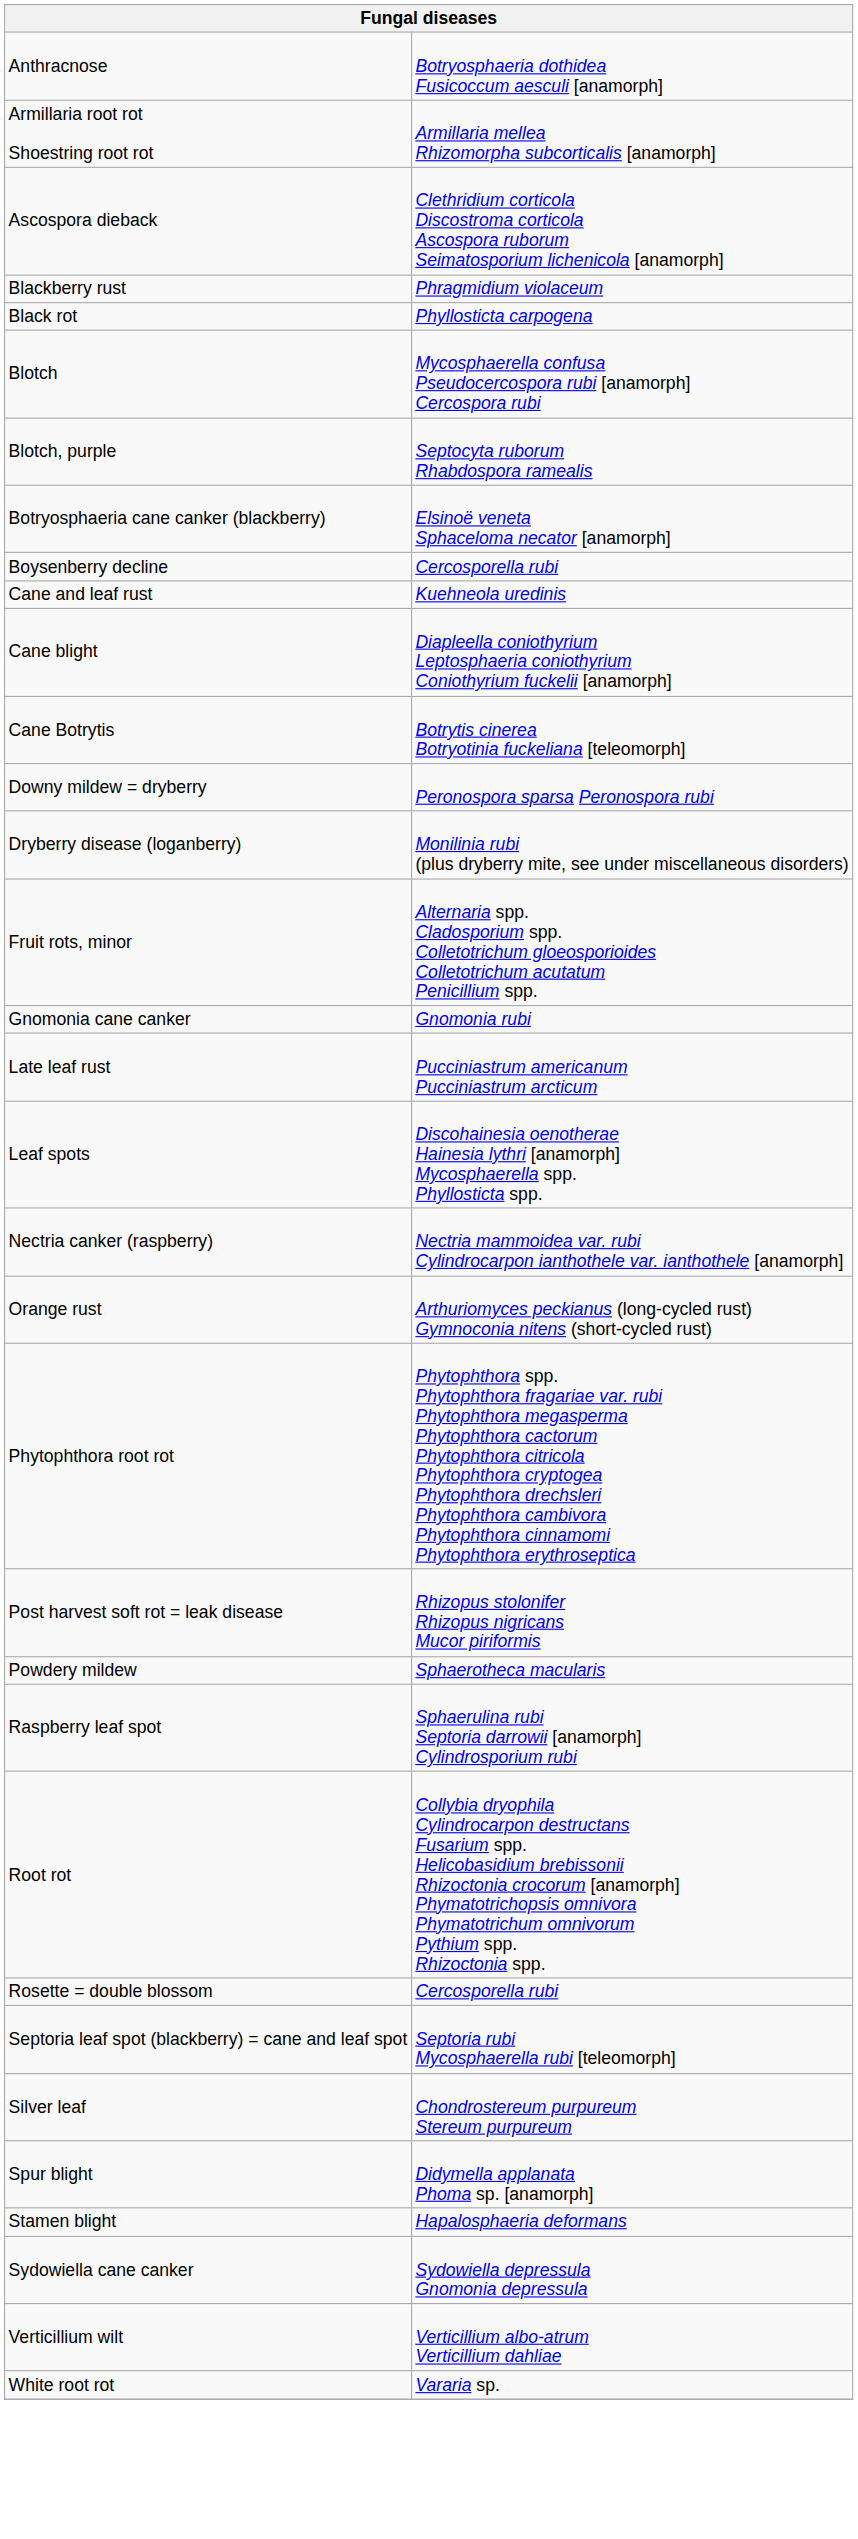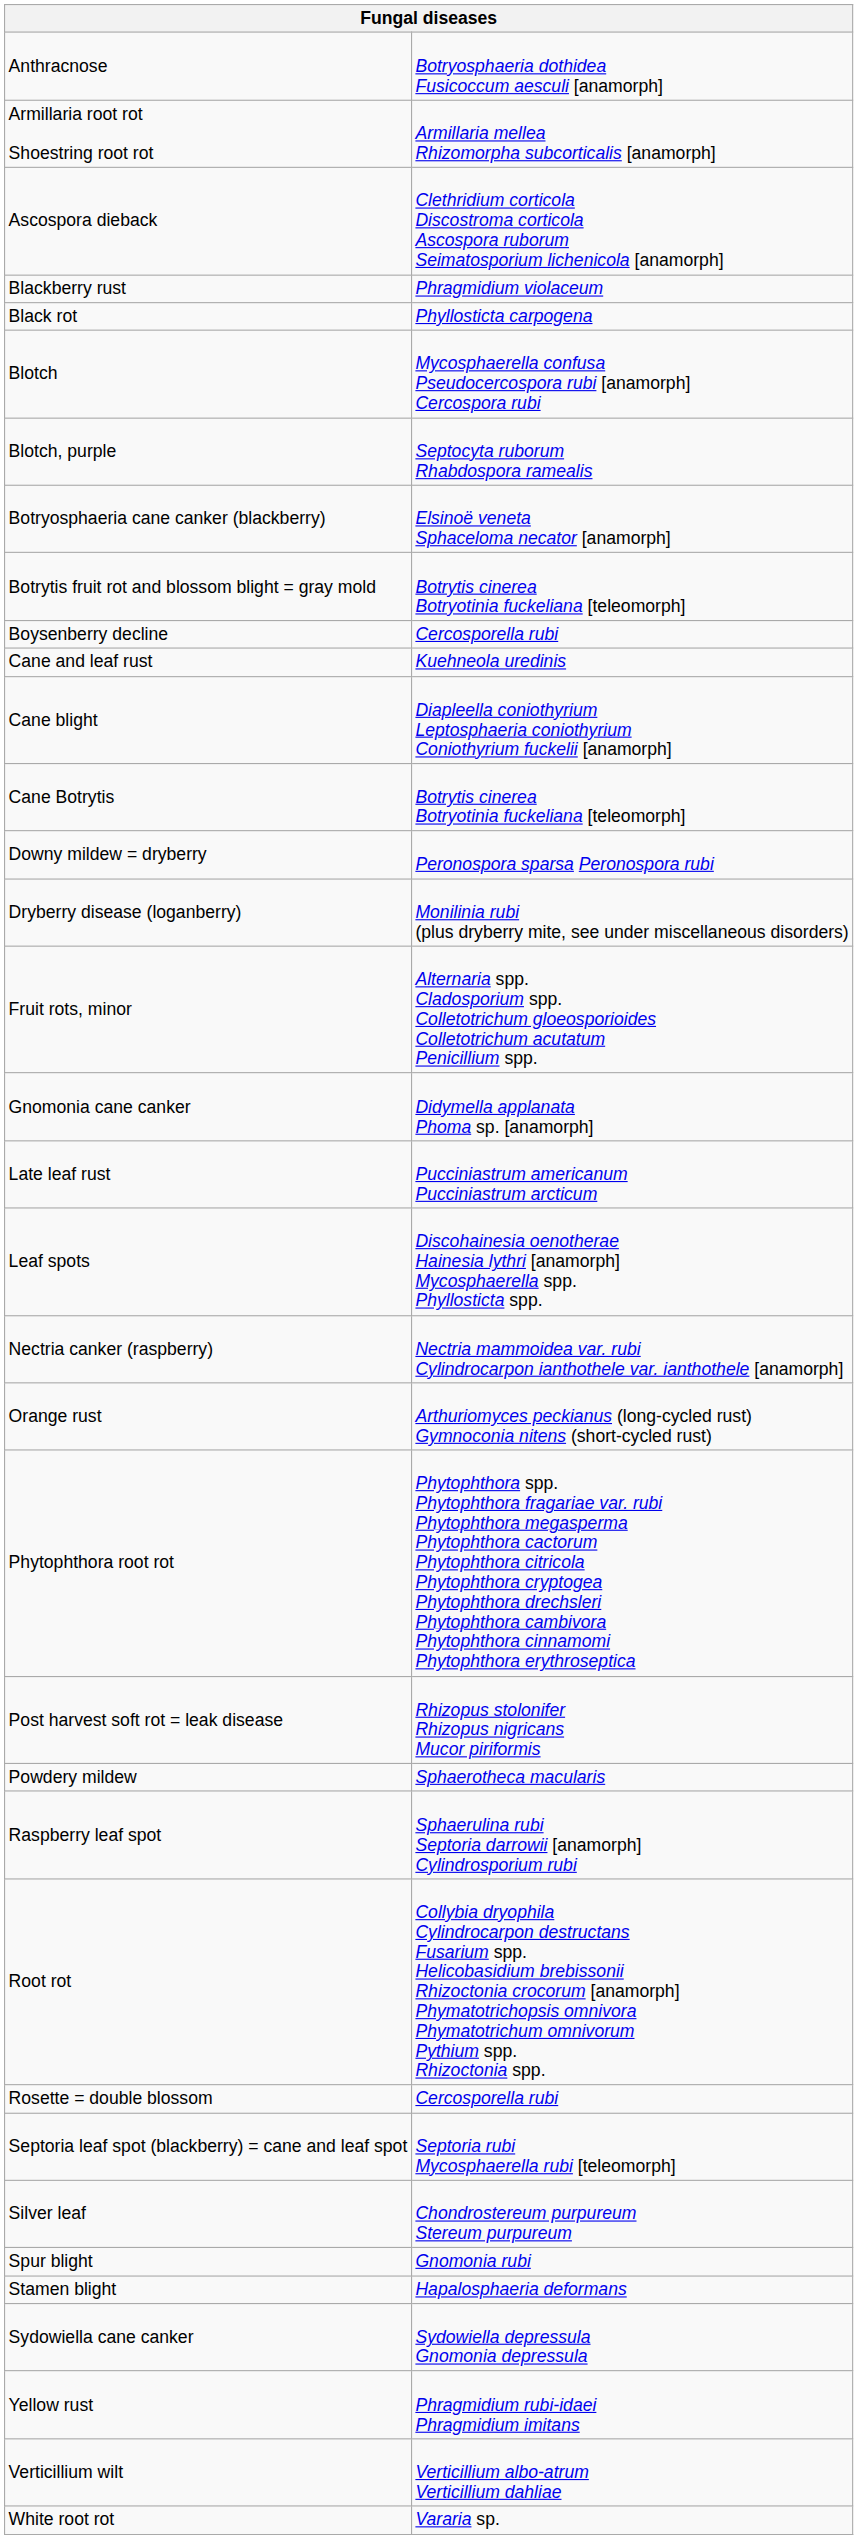 <table class="wikitable" style="clear">
 <tr>
 <th colspan=2><strong>Fungal diseases</strong><br></th>
 </tr>
 <tr>
 <td>Anthracnose</td>
 <td><br><em><a href='#'>Botryosphaeria dothidea</a></em><br> <em><a href='#'>Fusicoccum aesculi</a></em> [anamorph]</td>
 </tr>
 <tr>
 <td>Armillaria root rot<br><br>Shoestring root rot</td>
 <td><br><em><a href='#'>Armillaria mellea</a></em><br> <em><a href='#'>Rhizomorpha subcorticalis</a></em> [anamorph]</td>
 </tr>
 <tr>
 <td>Ascospora dieback</td>
 <td><br><em><a href='#'>Clethridium corticola</a></em> <br>  <em><a href='#'>Discostroma corticola</a></em> <br>  <em><a href='#'>Ascospora ruborum</a></em><br> <em><a href='#'>Seimatosporium lichenicola</a></em> [anamorph]</td>
 </tr>
 <tr>
 <td>Blackberry rust</td>
 <td><em><a href='#'>Phragmidium violaceum</a></em></td>
 </tr>
 <tr>
 <td>Black rot</td>
 <td><em><a href='#'>Phyllosticta carpogena</a></em></td>
 </tr>
 <tr>
 <td>Blotch</td>
 <td><br><em><a href='#'>Mycosphaerella confusa</a></em><br> <em><a href='#'>Pseudocercospora rubi</a></em> [anamorph] <br>  <em><a href='#'>Cercospora rubi</a></em></td>
 </tr>
 <tr>
 <td>Blotch, purple</td>
 <td><br><em><a href='#'>Septocyta ruborum</a></em> <br>  <em><a href='#'>Rhabdospora ramealis</a></em></td>
 </tr>
 <tr>
 <td>Botryosphaeria cane canker (blackberry)</td>
 <td><br><em><a href='#'>Elsinoë veneta</a></em><br> <em><a href='#'>Sphaceloma necator</a></em> [anamorph]</td>
 </tr>
 <tr>
+<td>Botrytis fruit rot and blossom blight = gray mold</td>
+<td><br><em><a href='#'>Botrytis cinerea</a></em><br> <em><a href='#'>Botryotinia fuckeliana</a></em> [teleomorph]</td>
+</tr>
+<tr>
 <td>Boysenberry decline</td>
 <td><em><a href='#'>Cercosporella rubi</a></em></td>
 </tr>
 <tr>
 <td>Cane and leaf rust</td>
 <td><em><a href='#'>Kuehneola uredinis</a></em></td>
 </tr>
 <tr>
 <td>Cane blight</td>
 <td><br><em><a href='#'>Diapleella coniothyrium</a></em> <br>  <em><a href='#'>Leptosphaeria coniothyrium</a></em><br> <em><a href='#'>Coniothyrium fuckelii</a></em> [anamorph]</td>
 </tr>
 <tr>
 <td>Cane Botrytis</td>
 <td><br><em><a href='#'>Botrytis cinerea</a></em><br> <em><a href='#'>Botryotinia fuckeliana</a></em> [teleomorph]</td>
 </tr>
 <tr>
 <td>Downy mildew = dryberry</td>
 <td><br><em><a href='#'>Peronospora sparsa</a></em>  <em><a href='#'>Peronospora rubi</a></em></td>
 </tr>
 <tr>
 <td>Dryberry disease (loganberry)</td>
 <td><br><em><a href='#'>Monilinia rubi</a></em> <br> (plus dryberry mite, see under miscellaneous disorders)</td>
 </tr>
 <tr>
 <td>Fruit rots, minor</td>
 <td><br><em><a href='#'>Alternaria</a></em> spp. <br> <em><a href='#'>Cladosporium</a></em> spp. <br> <em><a href='#'>Colletotrichum gloeosporioides</a></em><br> <em><a href='#'>Colletotrichum acutatum</a></em><br> <em><a href='#'>Penicillium</a></em> spp.</td>
 </tr>
 <tr>
 <td>Gnomonia cane canker</td>
-<td><em><a href='#'>Gnomonia rubi</a></em></td>
+<td><br><em><a href='#'>Didymella applanata</a></em><br> <em><a href='#'>Phoma</a></em> sp. [anamorph]</td>
 </tr>
 <tr>
 <td>Late leaf rust</td>
 <td><br><em><a href='#'>Pucciniastrum americanum</a></em><br> <em><a href='#'>Pucciniastrum arcticum</a></em></td>
 </tr>
 <tr>
 <td>Leaf spots</td>
 <td><br><em><a href='#'>Discohainesia oenotherae</a></em><br> <em><a href='#'>Hainesia lythri</a></em> [anamorph] <br> <em><a href='#'>Mycosphaerella</a></em> spp. <br> <em><a href='#'>Phyllosticta</a></em> spp.</td>
 </tr>
 <tr>
 <td>Nectria canker (raspberry)</td>
 <td><br><em><a href='#'>Nectria mammoidea var. rubi</a></em><br> <em><a href='#'>Cylindrocarpon ianthothele var. ianthothele</a></em> [anamorph]</td>
 </tr>
 <tr>
 <td>Orange rust</td>
 <td><br><em><a href='#'>Arthuriomyces peckianus</a></em> (long-cycled rust) <br> <em><a href='#'>Gymnoconia nitens</a></em> (short-cycled rust)</td>
 </tr>
 <tr>
 <td>Phytophthora root rot</td>
 <td><br><em><a href='#'>Phytophthora</a></em> spp. <br> <em><a href='#'>Phytophthora fragariae var. rubi</a></em> <br> <em><a href='#'>Phytophthora megasperma</a></em><br> <em><a href='#'>Phytophthora cactorum</a></em><br> <em><a href='#'>Phytophthora citricola</a></em><br> <em><a href='#'>Phytophthora cryptogea</a></em><br> <em><a href='#'>Phytophthora drechsleri</a></em><br> <em><a href='#'>Phytophthora cambivora</a></em><br> <em><a href='#'>Phytophthora cinnamomi</a></em><br> <em><a href='#'>Phytophthora erythroseptica</a></em></td>
 </tr>
 <tr>
 <td>Post harvest soft rot = leak disease</td>
 <td><br><em><a href='#'>Rhizopus stolonifer</a></em> <br>  <em><a href='#'>Rhizopus nigricans</a></em><br> <em><a href='#'>Mucor piriformis</a></em></td>
 </tr>
 <tr>
 <td>Powdery mildew</td>
 <td><em><a href='#'>Sphaerotheca macularis</a></em></td>
 </tr>
 <tr>
 <td>Raspberry leaf spot</td>
 <td><br><em><a href='#'>Sphaerulina rubi</a></em><br> <em><a href='#'>Septoria darrowii</a></em> [anamorph] <br>  <em><a href='#'>Cylindrosporium rubi</a></em></td>
 </tr>
 <tr>
 <td>Root rot</td>
 <td><br><em><a href='#'>Collybia dryophila</a></em><br> <em><a href='#'>Cylindrocarpon destructans</a></em><br> <em><a href='#'>Fusarium</a></em> spp. <br> <em><a href='#'>Helicobasidium brebissonii</a></em><br> <em><a href='#'>Rhizoctonia crocorum</a></em> [anamorph] <br> <em><a href='#'>Phymatotrichopsis omnivora</a></em> <br>  <em><a href='#'>Phymatotrichum omnivorum</a></em><br> <em><a href='#'>Pythium</a></em> spp. <br> <em><a href='#'>Rhizoctonia</a></em> spp.</td>
 </tr>
 <tr>
 <td>Rosette = double blossom</td>
 <td><em><a href='#'>Cercosporella rubi</a></em></td>
 </tr>
 <tr>
 <td>Septoria leaf spot (blackberry) = cane and leaf spot</td>
 <td><br><em><a href='#'>Septoria rubi</a></em><br> <em><a href='#'>Mycosphaerella rubi</a></em> [teleomorph] <br></td>
 </tr>
 <tr>
 <td>Silver leaf</td>
 <td><br><em><a href='#'>Chondrostereum purpureum</a></em> <br>  <em><a href='#'>Stereum purpureum</a></em></td>
 </tr>
 <tr>
 <td>Spur blight</td>
-<td><br><em><a href='#'>Didymella applanata</a></em><br> <em><a href='#'>Phoma</a></em> sp. [anamorph]</td>
+<td><em><a href='#'>Gnomonia rubi</a></em></td>
 </tr>
 <tr>
 <td>Stamen blight</td>
 <td><em><a href='#'>Hapalosphaeria deformans</a></em></td>
 </tr>
 <tr>
 <td>Sydowiella cane canker</td>
 <td><br><em><a href='#'>Sydowiella depressula</a></em><br>   <em><a href='#'>Gnomonia depressula</a></em></td>
+</tr>
+<tr>
+<td>Yellow rust</td>
+<td><br><em><a href='#'>Phragmidium rubi-idaei</a></em> <br>  <em><a href='#'>Phragmidium imitans</a></em></td>
 </tr>
 <tr>
 <td>Verticillium wilt</td>
 <td><br><em><a href='#'>Verticillium albo-atrum</a></em><br> <em><a href='#'>Verticillium dahliae</a></em></td>
 </tr>
 <tr>
 <td>White root rot</td>
 <td><em><a href='#'>Vararia</a></em> sp.</td>
 </tr>
 <tr>
 </tr>
 </table>
